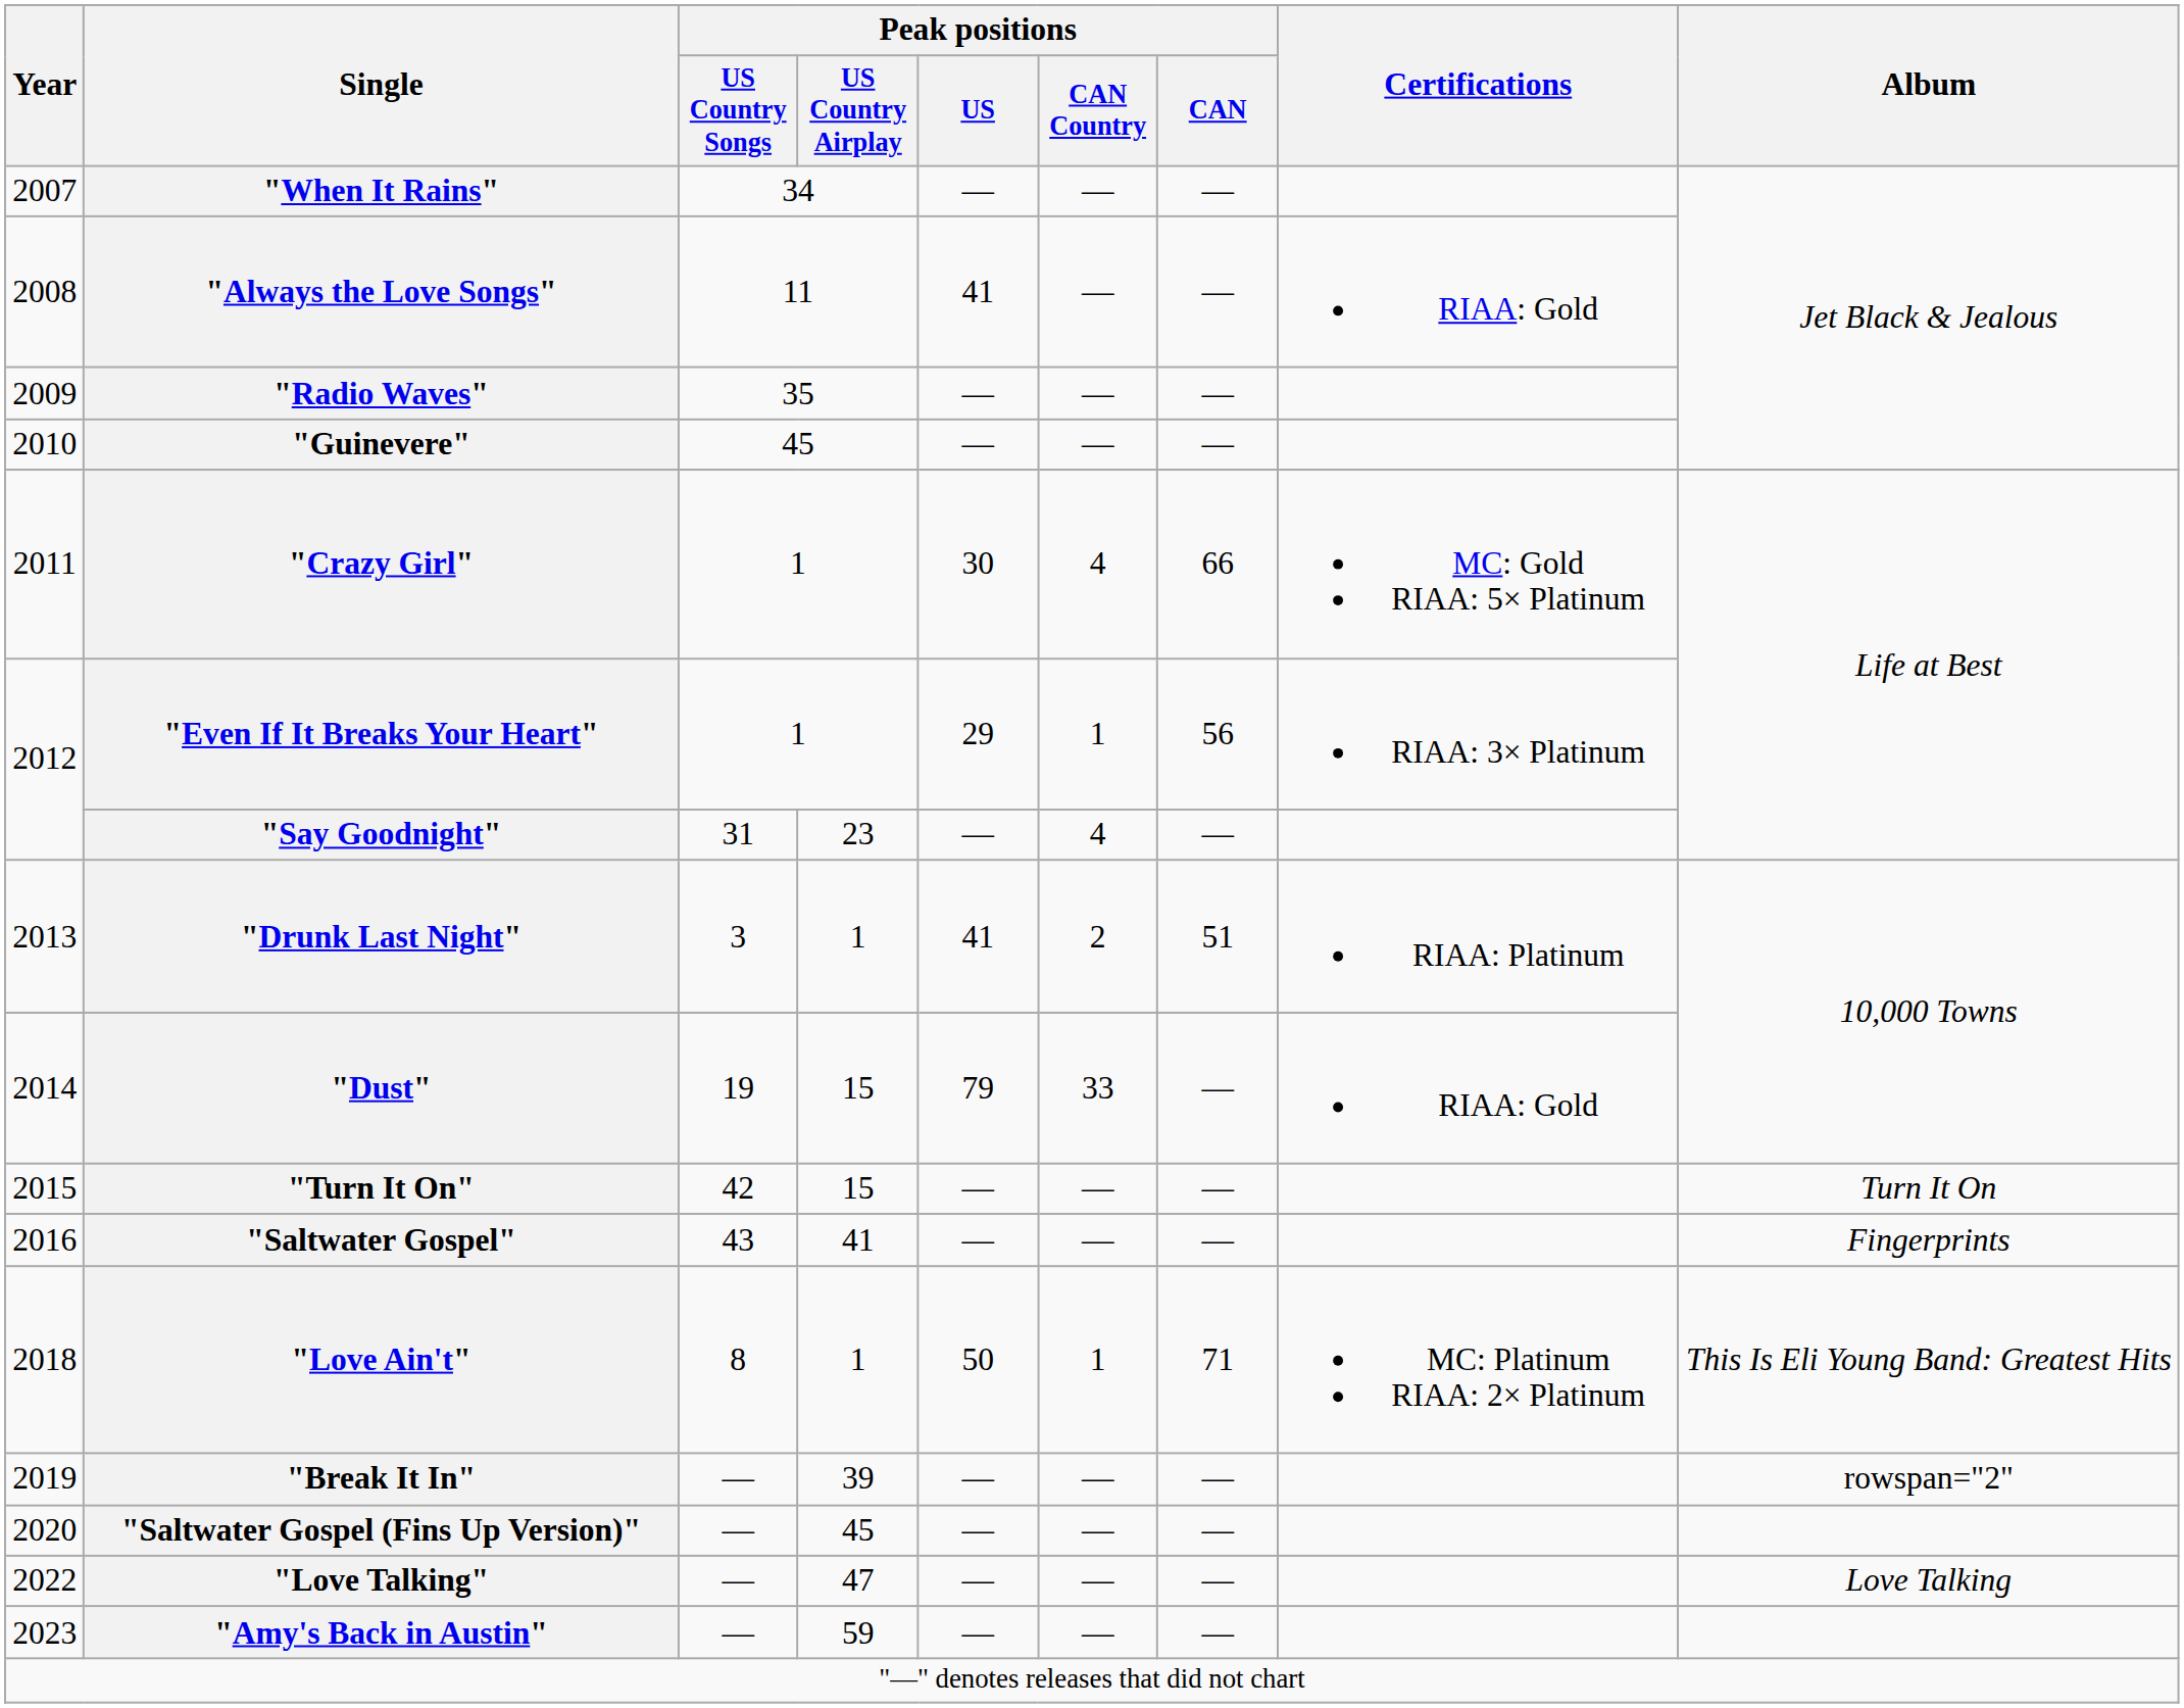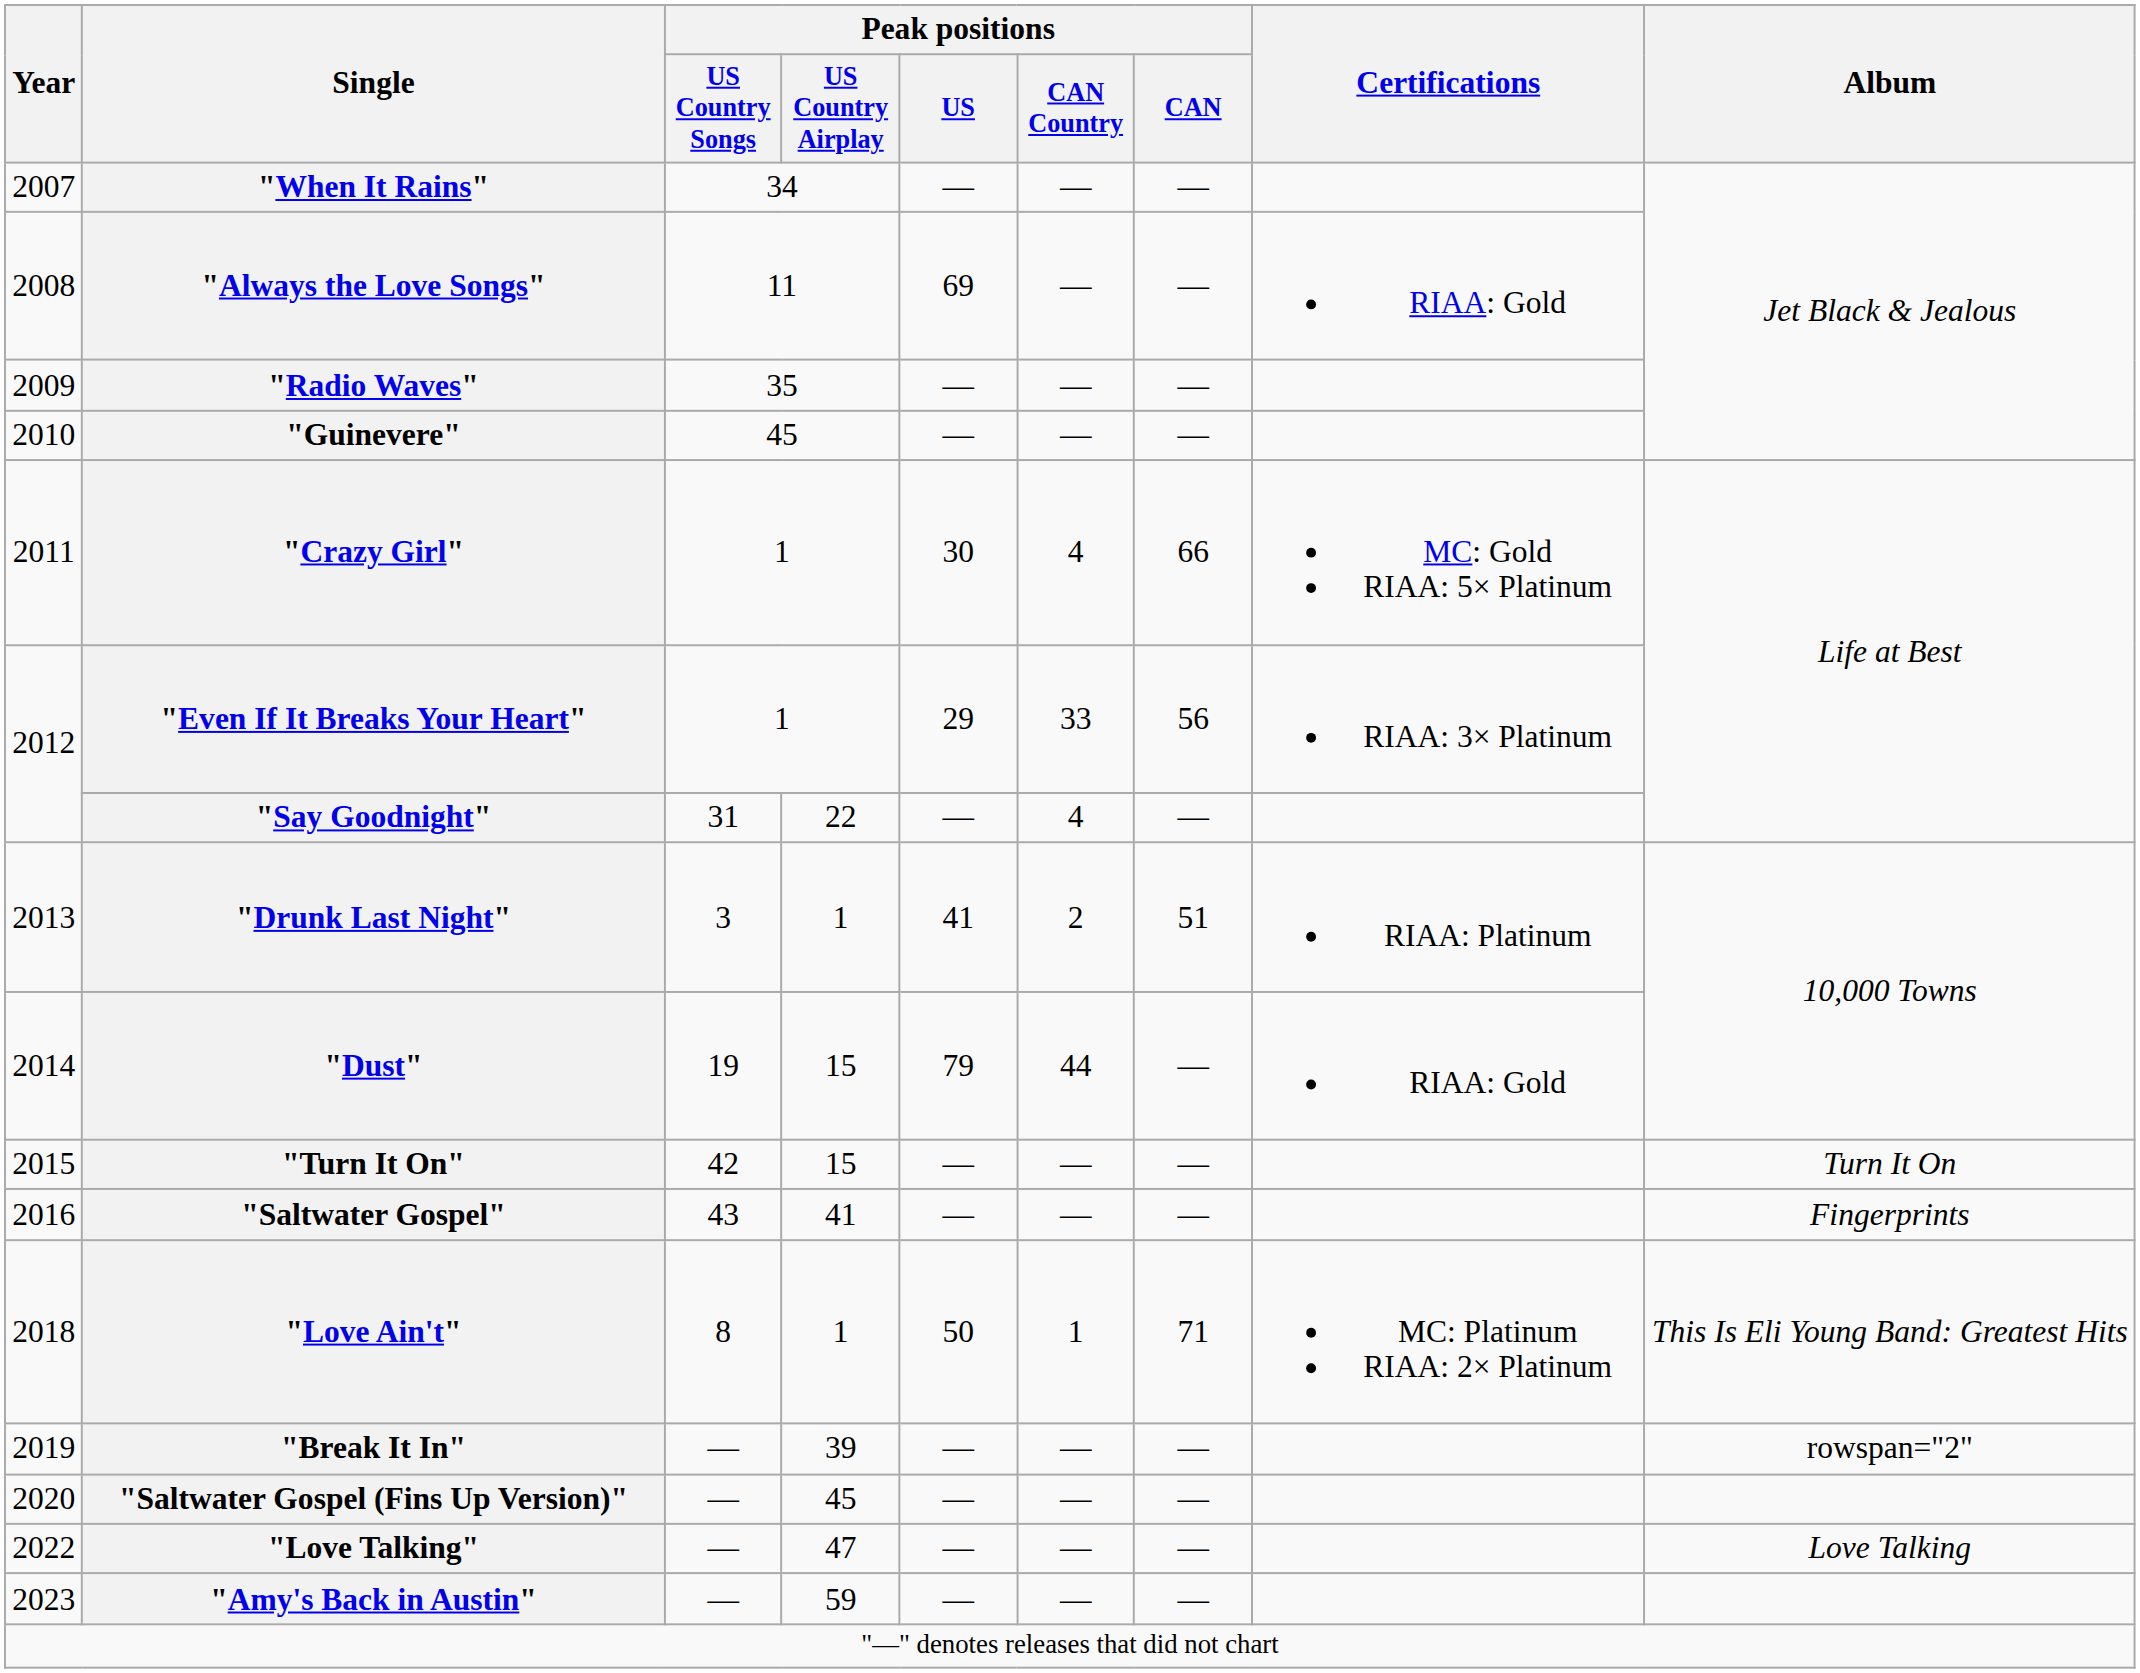 <table class="wikitable plainrowheaders" style="text-align:center;">
 <tr>
 <th rowspan="2">Year</th>
 <th rowspan="2" style="width:18em;">Single</th>
 <th colspan="5">Peak positions</th>
 <th rowspan="2" style="width:12em;"><a href='#'>Certifications</a></th>
 <th rowspan="2">Album</th>
 </tr>
 <tr style="font-size:smaller;">
 <th style="width:4em;"><a href='#'>US Country Songs</a><br></th>
 <th style="width:4em;"><a href='#'>US Country Airplay</a><br></th>
 <th style="width:4em;"><a href='#'>US</a><br></th>
 <th style="width:4em;"><a href='#'>CAN Country</a><br></th>
 <th style="width:4em;"><a href='#'>CAN</a><br></th>
 </tr>
 <tr>
 <td>2007</td>
 <th scope="row">"<a href='#'>When It Rains</a>"</th>
 <td colspan="2">34</td>
 <td>—</td>
 <td>—</td>
 <td>—</td>
 <td></td>
 <td rowspan="4"><em>Jet Black & Jealous</em></td>
 </tr>
 <tr>
 <td>2008</td>
 <th scope="row">"<a href='#'>Always the Love Songs</a>"</th>
 <td colspan="2">11</td>
-<td>41</td>
+<td>69</td>
 <td>—</td>
 <td>—</td>
 <td><br><ul><li><a href='#'>RIAA</a>: Gold</li></ul></td>
 </tr>
 <tr>
 <td>2009</td>
 <th scope="row">"<a href='#'>Radio Waves</a>"</th>
 <td colspan="2">35</td>
 <td>—</td>
 <td>—</td>
 <td>—</td>
 <td></td>
 </tr>
 <tr>
 <td>2010</td>
 <th scope="row">"Guinevere"</th>
 <td colspan="2">45</td>
 <td>—</td>
 <td>—</td>
 <td>—</td>
 <td></td>
 </tr>
 <tr>
 <td>2011</td>
 <th scope="row">"<a href='#'>Crazy Girl</a>"</th>
 <td colspan="2">1</td>
 <td>30</td>
 <td>4</td>
 <td>66</td>
 <td><br><ul><li><a href='#'>MC</a>: Gold</li><li>RIAA: 5× Platinum</li></ul></td>
 <td rowspan="3"><em>Life at Best</em></td>
 </tr>
 <tr>
 <td rowspan="2">2012</td>
 <th scope="row">"<a href='#'>Even If It Breaks Your Heart</a>"</th>
 <td colspan="2">1</td>
 <td>29</td>
-<td>1</td>
+<td>33</td>
 <td>56</td>
 <td><br><ul><li>RIAA: 3× Platinum</li></ul></td>
 </tr>
 <tr>
 <th scope="row">"<a href='#'>Say Goodnight</a>"</th>
 <td>31</td>
-<td>23</td>
+<td>22</td>
 <td>—</td>
 <td>4</td>
 <td>—</td>
 <td></td>
 </tr>
 <tr>
 <td>2013</td>
 <th scope="row">"<a href='#'>Drunk Last Night</a>"</th>
 <td>3</td>
 <td>1</td>
 <td>41</td>
 <td>2</td>
 <td>51</td>
 <td><br><ul><li>RIAA: Platinum</li></ul></td>
 <td rowspan="2"><em>10,000 Towns</em></td>
 </tr>
 <tr>
 <td>2014</td>
 <th scope="row">"<a href='#'>Dust</a>"</th>
 <td>19</td>
 <td>15</td>
 <td>79</td>
-<td>33</td>
+<td>44</td>
 <td>—</td>
 <td><br><ul><li>RIAA: Gold</li></ul></td>
 </tr>
 <tr>
 <td>2015</td>
 <th scope="row">"Turn It On"</th>
 <td>42</td>
 <td>15</td>
 <td>—</td>
 <td>—</td>
 <td>—</td>
 <td></td>
 <td><em>Turn It On</em></td>
 </tr>
 <tr>
 <td>2016</td>
 <th scope="row">"Saltwater Gospel"</th>
 <td>43</td>
 <td>41</td>
 <td>—</td>
 <td>—</td>
 <td>—</td>
 <td></td>
 <td><em>Fingerprints</em></td>
 </tr>
 <tr>
 <td>2018</td>
 <th scope="row">"<a href='#'>Love Ain't</a>"</th>
 <td>8</td>
 <td>1</td>
 <td>50</td>
 <td>1</td>
 <td>71</td>
 <td><br><ul><li>MC: Platinum</li><li>RIAA: 2× Platinum</li></ul></td>
 <td><em>This Is Eli Young Band: Greatest Hits</em></td>
 </tr>
 <tr>
 <td>2019</td>
 <th scope="row">"Break It In"</th>
 <td>—</td>
 <td>39</td>
 <td>—</td>
 <td>—</td>
 <td>—</td>
 <td></td>
 <td>rowspan="2" </td>
 </tr>
 <tr>
 <td>2020</td>
 <th scope="row">"Saltwater Gospel (Fins Up Version)"<br></th>
 <td>—</td>
 <td>45</td>
 <td>—</td>
 <td>—</td>
 <td>—</td>
 <td></td>
 </tr>
 <tr>
 <td>2022</td>
 <th scope="row">"Love Talking"</th>
 <td>—</td>
 <td>47</td>
 <td>—</td>
 <td>—</td>
 <td>—</td>
 <td></td>
 <td><em>Love Talking</em></td>
 </tr>
 <tr>
 <td>2023</td>
 <th scope="row">"<a href='#'>Amy's Back in Austin</a>"<br></th>
 <td>—</td>
 <td>59</td>
 <td>—</td>
 <td>—</td>
 <td>—</td>
 <td></td>
 <td></td>
 </tr>
 <tr>
 <td colspan="9" style="font-size:85%">"—" denotes releases that did not chart</td>
 </tr>
 </table>
